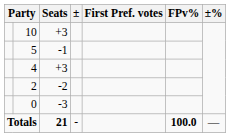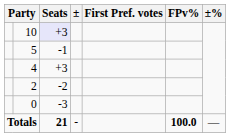 <table class=wikitable>
 <tr>
 <th colspan=2 align=center>Party</th>
 <th valign=top>Seats</th>
 <th valign=top>±</th>
 <th valign=top>First Pref. votes</th>
 <th valign=top>FPv%</th>
 <th valign=top>±%</th>
 </tr>
 <tr>
 <td></td>
 <td align=right>10</td>
-<td align=right>+3</td>
+<td align=right style="background: lavender;">+3</td>
 <td align=right></td>
 <td align=right></td>
 <td align=right></td>
 </tr>
 <tr>
 <td></td>
 <td align=right>5</td>
 <td align=right>-1</td>
 <td align=right></td>
 <td align=right></td>
 <td align=right></td>
 </tr>
 <tr>
 <td></td>
 <td align=right>4</td>
 <td align=right>+3</td>
 <td align=right></td>
 <td align=right></td>
 <td align=right></td>
 </tr>
 <tr>
 <td></td>
 <td align=right>2</td>
 <td align=right>-2</td>
 <td align=right></td>
 <td align=right></td>
 <td align=right></td>
 </tr>
 <tr>
 <td></td>
 <td align=right>0</td>
 <td align=right>-3</td>
 <td align=right></td>
 <td align=right></td>
 <td align=right></td>
 </tr>
 <tr>
 <td colspan=2 align=center><strong>Totals</strong></td>
 <td align=right><strong>21</strong></td>
 <td align=center>-</td>
 <td align=right></td>
 <td align=center><strong>100.0</strong></td>
 <td align=center>—</td>
 </tr>
 </table>
